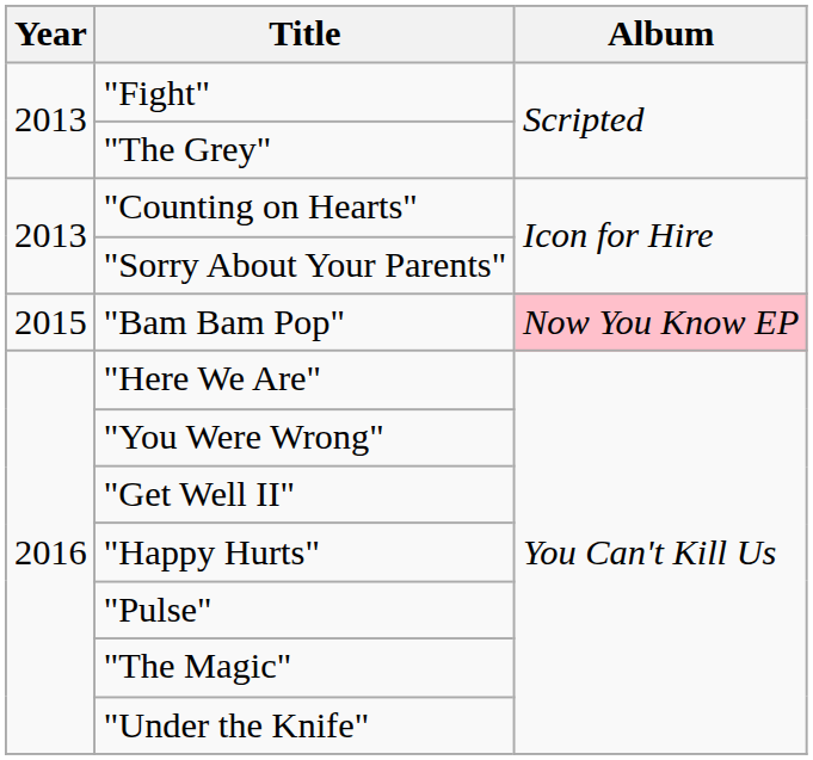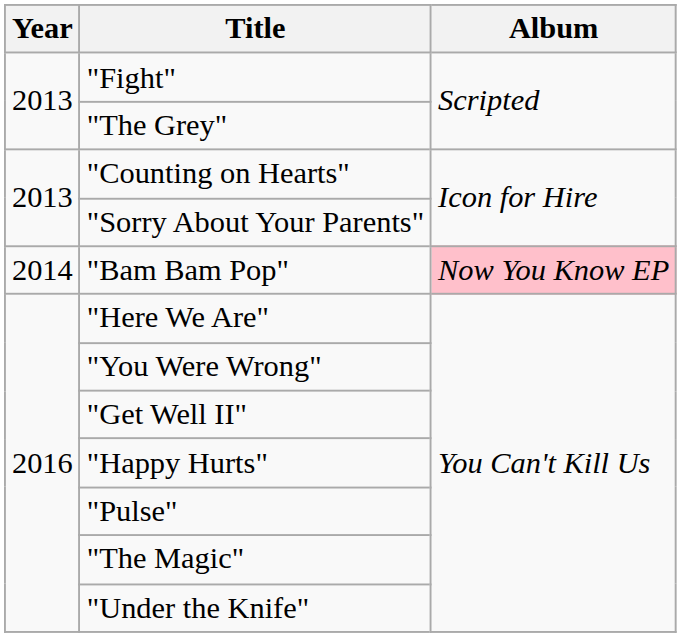 <table class="wikitable sortable">
 <tr>
 <th>Year</th>
 <th>Title</th>
 <th>Album</th>
 </tr>
 <tr>
 <td rowspan="2">2013</td>
 <td>"Fight"</td>
 <td rowspan="2"><em>Scripted</em></td>
 </tr>
 <tr>
 <td>"The Grey"</td>
 </tr>
 <tr>
 <td rowspan="2">2013</td>
 <td>"Counting on Hearts"</td>
 <td rowspan="2"><em>Icon for Hire</em></td>
 </tr>
 <tr>
 <td>"Sorry About Your Parents"</td>
 </tr>
 <tr>
-<td>2015</td>
+<td>2014</td>
 <td>"Bam Bam Pop"</td>
 <td style="background: pink;"><em>Now You Know EP</em></td>
 </tr>
 <tr>
 <td rowspan="7">2016</td>
 <td>"Here We Are"</td>
 <td rowspan="7"><em>You Can't Kill Us</em></td>
 </tr>
 <tr>
 <td>"You Were Wrong"</td>
 </tr>
 <tr>
 <td>"Get Well II"</td>
 </tr>
 <tr>
 <td>"Happy Hurts"</td>
 </tr>
 <tr>
 <td>"Pulse"</td>
 </tr>
 <tr>
 <td>"The Magic"</td>
 </tr>
 <tr>
 <td>"Under the Knife"</td>
 </tr>
 </table>
